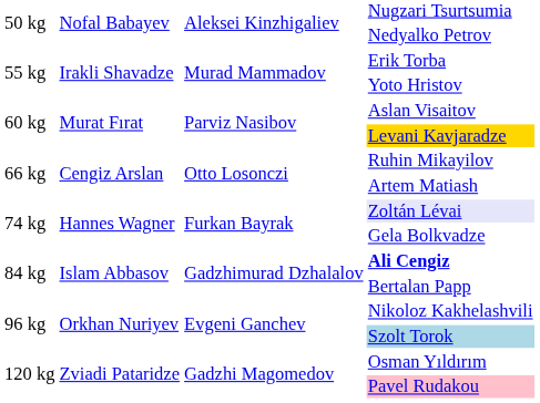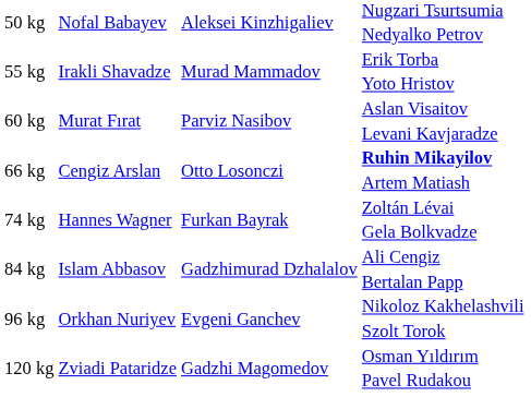 <table>
 <tr>
 <td rowspan=2>50 kg</td>
 <td rowspan=2> <a href='#'>Nofal Babayev</a></td>
 <td rowspan=2> <a href='#'>Aleksei Kinzhigaliev</a></td>
 <td> <a href='#'>Nugzari Tsurtsumia</a></td>
 </tr>
 <tr>
 <td> <a href='#'>Nedyalko Petrov</a></td>
 </tr>
 <tr>
 <td rowspan=2>55 kg</td>
 <td rowspan=2> <a href='#'>Irakli Shavadze</a></td>
 <td rowspan=2> <a href='#'>Murad Mammadov</a></td>
 <td> <a href='#'>Erik Torba</a></td>
 </tr>
 <tr>
 <td> <a href='#'>Yoto Hristov</a></td>
 </tr>
 <tr>
 <td rowspan=2>60 kg</td>
 <td rowspan=2> <a href='#'>Murat Fırat</a></td>
 <td rowspan=2> <a href='#'>Parviz Nasibov</a></td>
 <td> <a href='#'>Aslan Visaitov</a></td>
 </tr>
 <tr>
-<td style="background: gold;"> <a href='#'>Levani Kavjaradze</a></td>
+<td> <a href='#'>Levani Kavjaradze</a></td>
 </tr>
 <tr>
 <td rowspan=2>66 kg</td>
 <td rowspan=2> <a href='#'>Cengiz Arslan</a></td>
 <td rowspan=2> <a href='#'>Otto Losonczi</a></td>
-<td> <a href='#'>Ruhin Mikayilov</a></td>
+<td><strong> <a href='#'>Ruhin Mikayilov</a></strong></td>
 </tr>
 <tr>
 <td> <a href='#'>Artem Matiash</a></td>
 </tr>
 <tr>
 <td rowspan=2>74 kg</td>
 <td rowspan=2> <a href='#'>Hannes Wagner</a></td>
 <td rowspan=2> <a href='#'>Furkan Bayrak</a></td>
-<td style="background: lavender;"> <a href='#'>Zoltán Lévai</a></td>
+<td> <a href='#'>Zoltán Lévai</a></td>
 </tr>
 <tr>
 <td> <a href='#'>Gela Bolkvadze</a></td>
 </tr>
 <tr>
 <td rowspan=2>84 kg</td>
 <td rowspan=2> <a href='#'>Islam Abbasov</a></td>
 <td rowspan=2> <a href='#'>Gadzhimurad Dzhalalov</a></td>
-<td><strong> <a href='#'>Ali Cengiz</a></strong></td>
+<td> <a href='#'>Ali Cengiz</a></td>
 </tr>
 <tr>
 <td> <a href='#'>Bertalan Papp</a></td>
 </tr>
 <tr>
 <td rowspan=2>96 kg</td>
 <td rowspan=2> <a href='#'>Orkhan Nuriyev</a></td>
 <td rowspan=2> <a href='#'>Evgeni Ganchev</a></td>
 <td> <a href='#'>Nikoloz Kakhelashvili</a></td>
 </tr>
 <tr>
-<td style="background: lightblue;"> <a href='#'>Szolt Torok</a></td>
+<td> <a href='#'>Szolt Torok</a></td>
 </tr>
 <tr>
 <td rowspan=2>120 kg</td>
 <td rowspan=2> <a href='#'>Zviadi Pataridze</a></td>
 <td rowspan=2> <a href='#'>Gadzhi Magomedov</a></td>
 <td> <a href='#'>Osman Yıldırım</a></td>
 </tr>
 <tr>
-<td style="background: pink;"> <a href='#'>Pavel Rudakou</a></td>
+<td> <a href='#'>Pavel Rudakou</a></td>
 </tr>
 </table>
